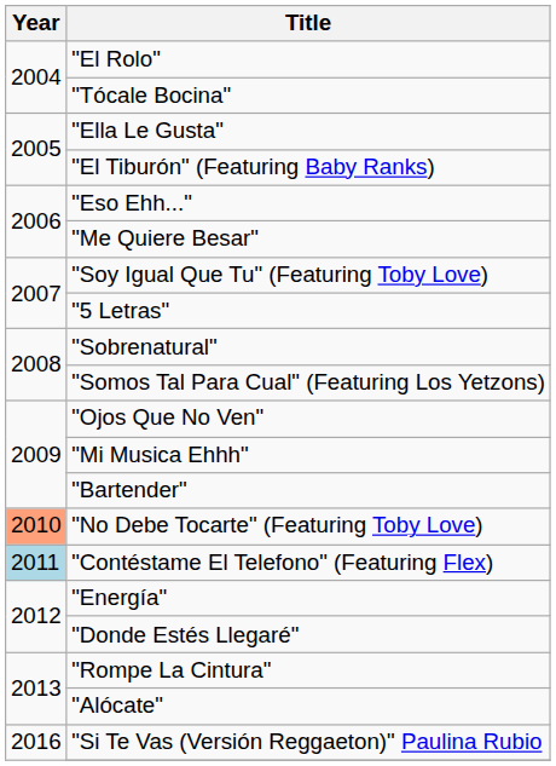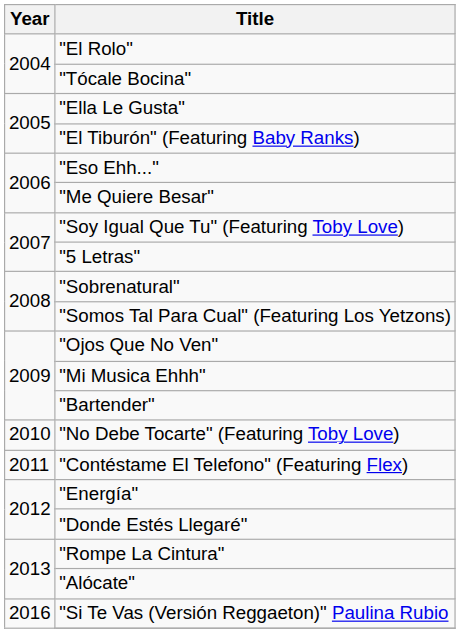 <table class="wikitable">
 <tr>
 <th>Year</th>
 <th>Title</th>
 </tr>
 <tr>
 <td rowspan="2">2004</td>
 <td>"El Rolo"</td>
 </tr>
 <tr>
 <td>"Tócale Bocina"</td>
 </tr>
 <tr>
 <td rowspan="2">2005</td>
 <td>"Ella Le Gusta"</td>
 </tr>
 <tr>
 <td>"El Tiburón" (Featuring <a href='#'>Baby Ranks</a>)</td>
 </tr>
 <tr>
 <td rowspan="2">2006</td>
 <td>"Eso Ehh..."</td>
 </tr>
 <tr>
 <td>"Me Quiere Besar"</td>
 </tr>
 <tr>
 <td rowspan="2">2007</td>
 <td>"Soy Igual Que Tu" (Featuring <a href='#'>Toby Love</a>)</td>
 </tr>
 <tr>
 <td>"5 Letras"</td>
 </tr>
 <tr>
 <td rowspan="2">2008</td>
 <td>"Sobrenatural"</td>
 </tr>
 <tr>
 <td>"Somos Tal Para Cual" (Featuring Los Yetzons)</td>
 </tr>
 <tr>
 <td rowspan="3">2009</td>
 <td>"Ojos Que No Ven"</td>
 </tr>
 <tr>
 <td>"Mi Musica Ehhh"</td>
 </tr>
 <tr>
 <td>"Bartender"</td>
 </tr>
 <tr>
-<td style="background: lightsalmon;">2010</td>
+<td>2010</td>
 <td>"No Debe Tocarte" (Featuring <a href='#'>Toby Love</a>)</td>
 </tr>
 <tr>
-<td style="background: lightblue;">2011</td>
+<td>2011</td>
 <td>"Contéstame El Telefono" (Featuring <a href='#'>Flex</a>)</td>
 </tr>
 <tr>
 <td rowspan="2">2012</td>
 <td>"Energía"</td>
 </tr>
 <tr>
 <td>"Donde Estés Llegaré"</td>
 </tr>
 <tr>
 <td rowspan="2">2013</td>
 <td>"Rompe La Cintura"</td>
 </tr>
 <tr>
 <td>"Alócate"</td>
 </tr>
 <tr>
 <td rowspan="2">2016</td>
 <td>"Si Te Vas (Versión Reggaeton)" <a href='#'>Paulina Rubio</a></td>
 </tr>
 <tr>
 </tr>
 </table>
